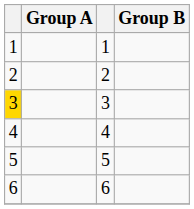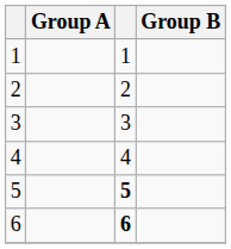 <table class="wikitable">
 <tr>
 <th></th>
 <th>Group A</th>
 <th></th>
 <th>Group B</th>
 </tr>
 <tr>
 <td>1</td>
 <td></td>
 <td>1</td>
 <td></td>
 </tr>
 <tr>
 <td>2</td>
 <td></td>
 <td>2</td>
 <td></td>
 </tr>
 <tr>
-<td style="background: gold;">3</td>
+<td>3</td>
 <td></td>
 <td>3</td>
 <td></td>
 </tr>
 <tr>
 <td>4</td>
 <td></td>
 <td>4</td>
 <td></td>
 </tr>
 <tr>
 <td>5</td>
 <td></td>
-<td>5</td>
+<td><strong>5</strong></td>
 <td></td>
 </tr>
 <tr>
 <td>6</td>
 <td></td>
-<td>6</td>
+<td><strong>6</strong></td>
 <td></td>
 </tr>
 <tr>
 </tr>
 </table>
